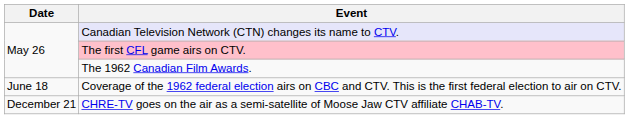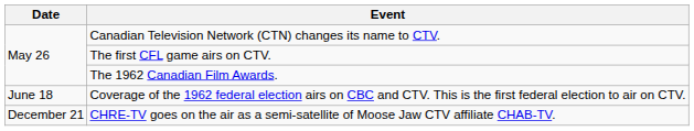 <table class="wikitable">
 <tr>
 <th>Date</th>
 <th>Event</th>
 </tr>
 <tr>
 <td rowspan="3">May 26</td>
-<td style="background: lavender;">Canadian Television Network (CTN) changes its name to <a href='#'>CTV</a>.</td>
+<td>Canadian Television Network (CTN) changes its name to <a href='#'>CTV</a>.</td>
 </tr>
 <tr>
-<td style="background: pink;">The first <a href='#'>CFL</a> game airs on CTV.</td>
+<td>The first <a href='#'>CFL</a> game airs on CTV.</td>
 </tr>
 <tr>
 <td>The 1962 <a href='#'>Canadian Film Awards</a>.</td>
 </tr>
 <tr>
 <td>June 18</td>
 <td>Coverage of the <a href='#'>1962 federal election</a> airs on <a href='#'>CBC</a> and CTV. This is the first federal election to air on CTV.</td>
 </tr>
 <tr>
 <td>December 21</td>
 <td><a href='#'>CHRE-TV</a> goes on the air as a semi-satellite of Moose Jaw CTV affiliate <a href='#'>CHAB-TV</a>.</td>
 </tr>
 </table>
